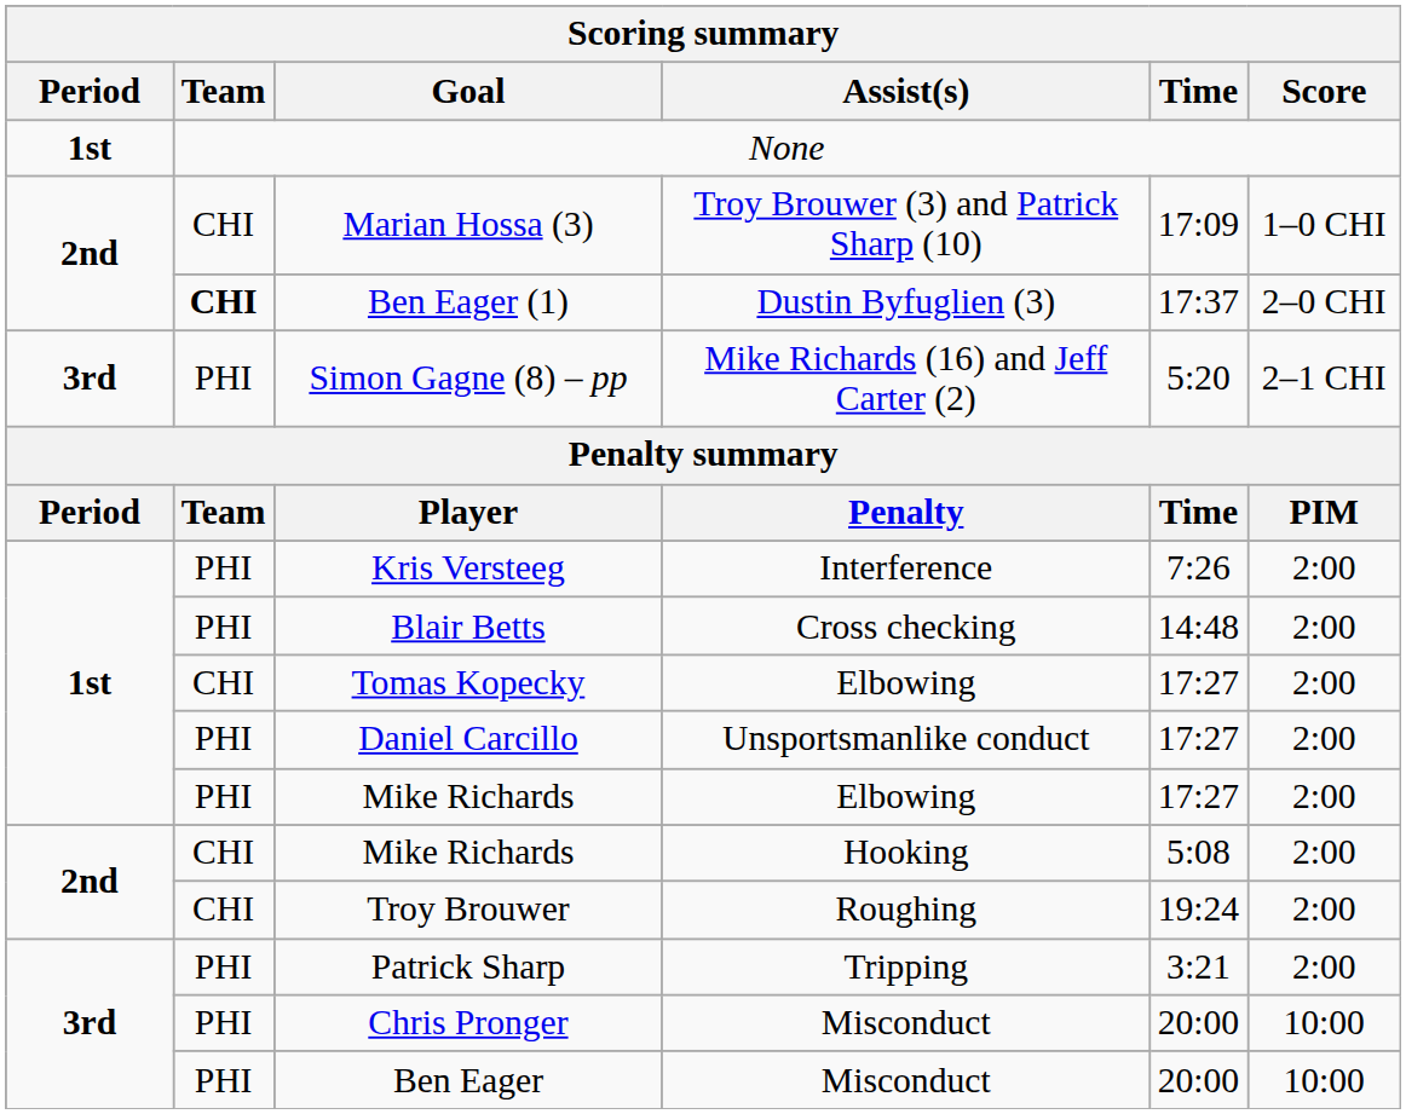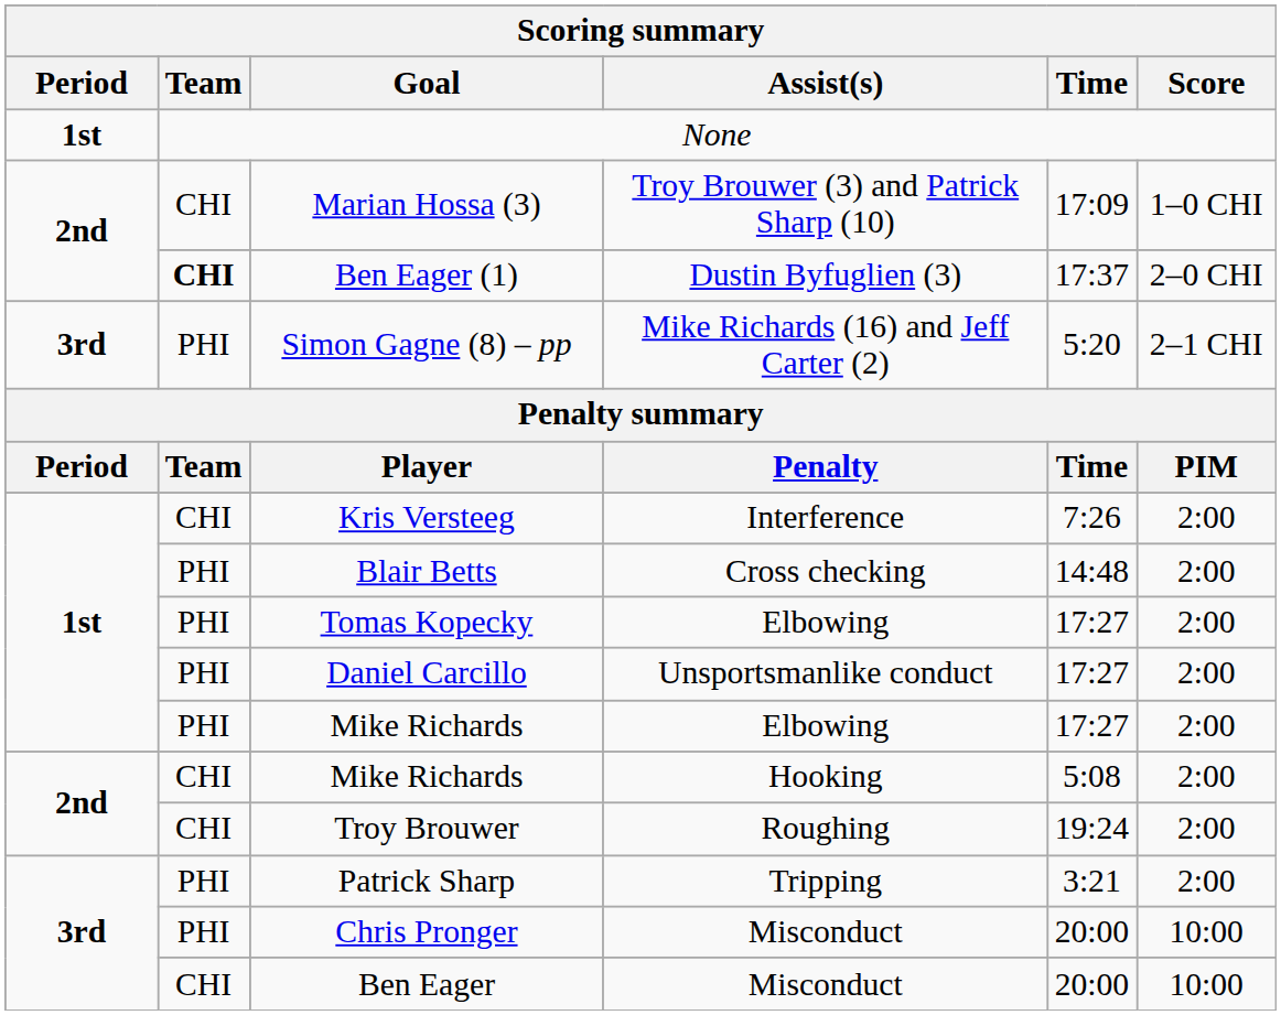 <table style="width:100%;" class="wikitable">
 <tr>
 <th colspan=6>Scoring summary</th>
 </tr>
 <tr>
 <th style="width:12%;">Period</th>
 <th style="width:7%;">Team</th>
 <th style="width:28%;">Goal</th>
 <th style="width:35%;">Assist(s)</th>
 <th style="width:7%;">Time</th>
 <th style="width:11%;">Score</th>
 </tr>
 <tr style="text-align:center;">
 <td><strong>1st</strong></td>
 <td colspan="5"><em>None</em></td>
 </tr>
 <tr style="text-align:center;">
 <td rowspan="2"><strong>2nd</strong></td>
 <td>CHI</td>
 <td><a href='#'>Marian Hossa</a> (3)</td>
 <td><a href='#'>Troy Brouwer</a> (3) and <a href='#'>Patrick Sharp</a> (10)</td>
 <td>17:09</td>
 <td>1–0 CHI</td>
 </tr>
 <tr style="text-align:center;">
 <td><strong>CHI</strong></td>
 <td><a href='#'>Ben Eager</a> (1)</td>
 <td><a href='#'>Dustin Byfuglien</a> (3)</td>
 <td>17:37</td>
 <td>2–0 CHI</td>
 </tr>
 <tr style="text-align:center;">
 <td><strong>3rd</strong></td>
 <td>PHI</td>
 <td><a href='#'>Simon Gagne</a> (8) – <em>pp</em></td>
 <td><a href='#'>Mike Richards</a> (16) and <a href='#'>Jeff Carter</a> (2)</td>
 <td>5:20</td>
 <td>2–1 CHI</td>
 </tr>
 <tr>
 <th colspan=6>Penalty summary</th>
 </tr>
 <tr>
 <th style="width:12%;">Period</th>
 <th style="width:7%;">Team</th>
 <th style="width:28%;">Player</th>
 <th style="width:35%;"><a href='#'>Penalty</a></th>
 <th style="width:7%;">Time</th>
 <th style="width:11%;">PIM</th>
 </tr>
 <tr style="text-align:center;">
 <td rowspan="5"><strong>1st</strong></td>
-<td>PHI</td>
+<td>CHI</td>
 <td><a href='#'>Kris Versteeg</a></td>
 <td>Interference</td>
 <td>7:26</td>
 <td>2:00</td>
 </tr>
 <tr style="text-align:center;">
 <td>PHI</td>
 <td><a href='#'>Blair Betts</a></td>
 <td>Cross checking</td>
 <td>14:48</td>
 <td>2:00</td>
 </tr>
 <tr style="text-align:center;">
-<td>CHI</td>
+<td align=center>PHI</td>
 <td><a href='#'>Tomas Kopecky</a></td>
 <td>Elbowing</td>
 <td>17:27</td>
 <td>2:00</td>
 </tr>
 <tr style="text-align:center;">
 <td>PHI</td>
 <td><a href='#'>Daniel Carcillo</a></td>
 <td>Unsportsmanlike conduct</td>
 <td>17:27</td>
 <td>2:00</td>
 </tr>
 <tr style="text-align:center;">
 <td>PHI</td>
 <td>Mike Richards</td>
 <td>Elbowing</td>
 <td>17:27</td>
 <td>2:00</td>
 </tr>
 <tr style="text-align:center;">
 <td rowspan="2"><strong>2nd</strong></td>
 <td>CHI</td>
 <td>Mike Richards</td>
 <td>Hooking</td>
 <td>5:08</td>
 <td>2:00</td>
 </tr>
 <tr style="text-align:center;">
 <td>CHI</td>
 <td>Troy Brouwer</td>
 <td>Roughing</td>
 <td>19:24</td>
 <td>2:00</td>
 </tr>
 <tr style="text-align:center;">
 <td rowspan="3"><strong>3rd</strong></td>
 <td>PHI</td>
 <td>Patrick Sharp</td>
 <td>Tripping</td>
 <td>3:21</td>
 <td>2:00</td>
 </tr>
 <tr style="text-align:center;">
 <td>PHI</td>
 <td><a href='#'>Chris Pronger</a></td>
 <td>Misconduct</td>
 <td>20:00</td>
 <td>10:00</td>
 </tr>
 <tr style="text-align:center;">
-<td>PHI</td>
+<td>CHI</td>
 <td>Ben Eager</td>
 <td>Misconduct</td>
 <td>20:00</td>
 <td>10:00</td>
 </tr>
 </table>
